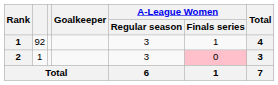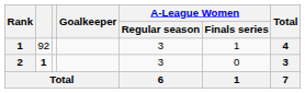 <table class="wikitable" style="text-align:center">
 <tr>
 <th rowspan="2">Rank</th>
 <th rowspan="2"></th>
 <th rowspan="2"></th>
 <th rowspan="2">Goalkeeper</th>
 <th colspan="2"><a href='#'>A-League Women</a></th>
 <th rowspan="2">Total</th>
 </tr>
 <tr>
 <th>Regular season</th>
 <th>Finals series</th>
 </tr>
 <tr>
 <th>1</th>
 <td>92</td>
 <td></td>
 <td align="left"></td>
 <td>3</td>
 <td>1</td>
 <th>4</th>
 </tr>
 <tr>
 <th>2</th>
-<td>1</td>
+<td><strong>1</strong></td>
 <td></td>
 <td align="left"></td>
 <td>3</td>
-<td style="background: pink;">0</td>
+<td>0</td>
 <th>3</th>
 </tr>
 <tr>
 <th colspan="4">Total</th>
 <th>6</th>
 <th>1</th>
 <th>7</th>
 </tr>
 </table>
